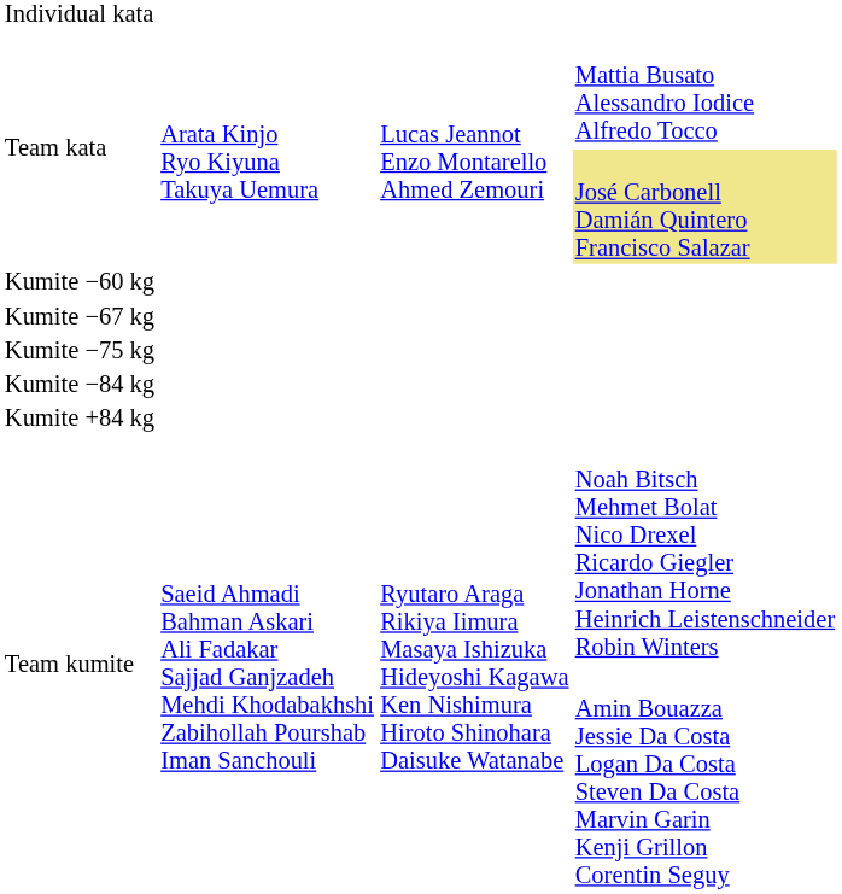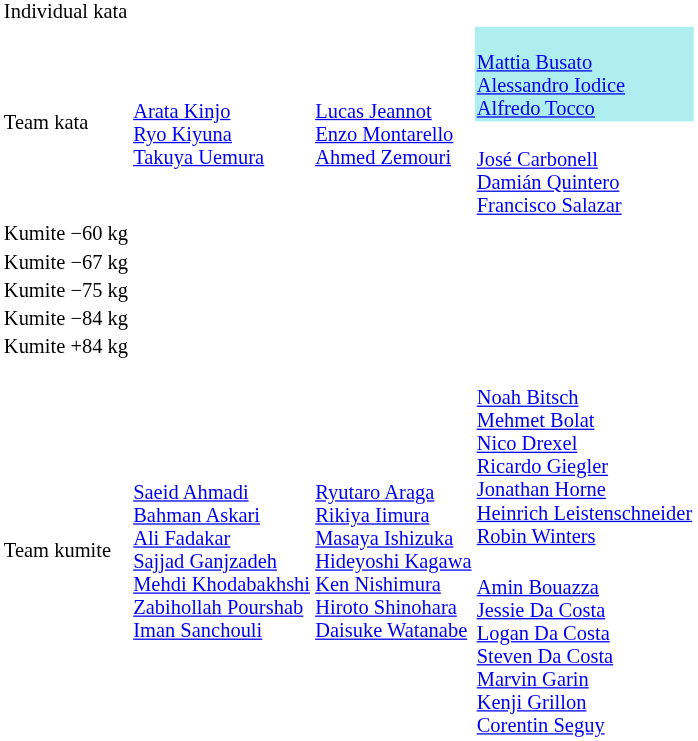 <table>
 <tr>
 <td rowspan=2>Individual kata</td>
 <td rowspan=2></td>
 <td rowspan=2></td>
 <td></td>
 </tr>
 <tr>
 <td></td>
 </tr>
 <tr>
 <td rowspan=2>Team kata</td>
 <td rowspan=2><br><a href='#'>Arata Kinjo</a><br><a href='#'>Ryo Kiyuna</a><br><a href='#'>Takuya Uemura</a></td>
 <td rowspan=2><br><a href='#'>Lucas Jeannot</a><br><a href='#'>Enzo Montarello</a><br><a href='#'>Ahmed Zemouri</a></td>
-<td><br><a href='#'>Mattia Busato</a><br><a href='#'>Alessandro Iodice</a><br><a href='#'>Alfredo Tocco</a></td>
+<td style="background: paleturquoise;"><br><a href='#'>Mattia Busato</a><br><a href='#'>Alessandro Iodice</a><br><a href='#'>Alfredo Tocco</a></td>
 </tr>
 <tr>
-<td style="background: khaki;"><br><a href='#'>José Carbonell</a><br><a href='#'>Damián Quintero</a><br><a href='#'>Francisco Salazar</a></td>
+<td><br><a href='#'>José Carbonell</a><br><a href='#'>Damián Quintero</a><br><a href='#'>Francisco Salazar</a></td>
 </tr>
 <tr>
 <td rowspan=2>Kumite −60 kg</td>
 <td rowspan=2></td>
 <td rowspan=2></td>
 <td></td>
 </tr>
 <tr>
 <td></td>
 </tr>
 <tr>
 <td rowspan=2>Kumite −67 kg</td>
 <td rowspan=2></td>
 <td rowspan=2></td>
 <td></td>
 </tr>
 <tr>
 <td></td>
 </tr>
 <tr>
 <td rowspan=2>Kumite −75 kg</td>
 <td rowspan=2></td>
 <td rowspan=2></td>
 <td></td>
 </tr>
 <tr>
 <td></td>
 </tr>
 <tr>
 <td rowspan=2>Kumite −84 kg</td>
 <td rowspan=2></td>
 <td rowspan=2></td>
 <td></td>
 </tr>
 <tr>
 <td></td>
 </tr>
 <tr>
 <td rowspan=2>Kumite +84 kg</td>
 <td rowspan=2></td>
 <td rowspan=2></td>
 <td></td>
 </tr>
 <tr>
 <td></td>
 </tr>
 <tr>
 <td rowspan=2>Team kumite</td>
 <td rowspan=2><br><a href='#'>Saeid Ahmadi</a><br><a href='#'>Bahman Askari</a><br><a href='#'>Ali Fadakar</a><br><a href='#'>Sajjad Ganjzadeh</a><br><a href='#'>Mehdi Khodabakhshi</a><br><a href='#'>Zabihollah Pourshab</a><br><a href='#'>Iman Sanchouli</a></td>
 <td rowspan=2><br><a href='#'>Ryutaro Araga</a><br><a href='#'>Rikiya Iimura</a><br><a href='#'>Masaya Ishizuka</a><br><a href='#'>Hideyoshi Kagawa</a><br><a href='#'>Ken Nishimura</a><br><a href='#'>Hiroto Shinohara</a><br><a href='#'>Daisuke Watanabe</a></td>
 <td><br><a href='#'>Noah Bitsch</a><br><a href='#'>Mehmet Bolat</a><br><a href='#'>Nico Drexel</a><br><a href='#'>Ricardo Giegler</a><br><a href='#'>Jonathan Horne</a><br><a href='#'>Heinrich Leistenschneider</a><br><a href='#'>Robin Winters</a></td>
 </tr>
 <tr>
 <td><br><a href='#'>Amin Bouazza</a><br><a href='#'>Jessie Da Costa</a><br><a href='#'>Logan Da Costa</a><br><a href='#'>Steven Da Costa</a><br><a href='#'>Marvin Garin</a><br><a href='#'>Kenji Grillon</a><br><a href='#'>Corentin Seguy</a></td>
 </tr>
 </table>
